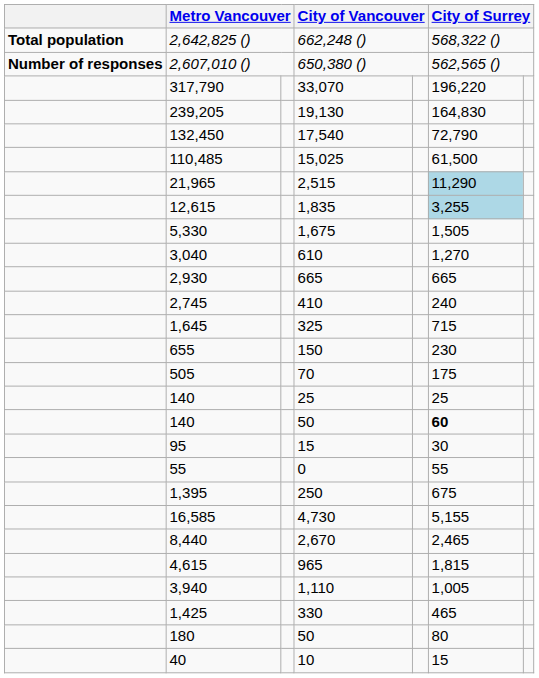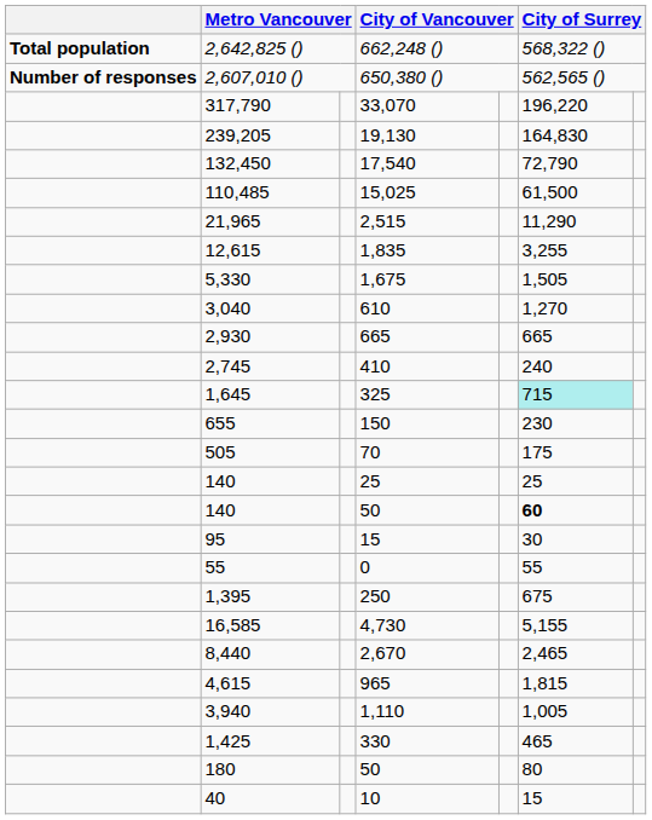 <table class="wikitable">
 <tr>
 <th></th>
 <th colspan="2"><a href='#'>Metro Vancouver</a></th>
 <th colspan="2"><a href='#'>City of Vancouver</a></th>
 <th colspan="2"><a href='#'>City of Surrey</a></th>
 </tr>
 <tr>
 <td><strong> Total population</strong></td>
 <td colspan="2"><em>2,642,825 ()</em></td>
 <td colspan="2"><em>662,248 ()</em></td>
 <td colspan="2"><em>568,322 ()</em></td>
 </tr>
 <tr>
 <td><strong> Number of responses </strong></td>
 <td colspan="2"><em>2,607,010 ()</em></td>
 <td colspan="2"><em>650,380 ()</em></td>
 <td colspan="2"><em>562,565 ()</em></td>
 </tr>
 <tr>
 <td><br></td>
 <td>317,790</td>
 <td></td>
 <td>33,070</td>
 <td></td>
 <td>196,220</td>
 <td></td>
 </tr>
 <tr>
 <td><br></td>
 <td>239,205</td>
 <td></td>
 <td>19,130</td>
 <td></td>
 <td>164,830</td>
 <td></td>
 </tr>
 <tr>
 <td><br></td>
 <td>132,450</td>
 <td></td>
 <td>17,540</td>
 <td></td>
 <td>72,790</td>
 <td></td>
 </tr>
 <tr>
 <td><br></td>
 <td>110,485</td>
 <td></td>
 <td>15,025</td>
 <td></td>
 <td>61,500</td>
 <td></td>
 </tr>
 <tr>
 <td><br></td>
 <td>21,965</td>
 <td></td>
 <td>2,515</td>
 <td></td>
-<td style="background: lightblue;">11,290</td>
+<td>11,290</td>
 <td></td>
 </tr>
 <tr>
 <td><br></td>
 <td>12,615</td>
 <td></td>
 <td>1,835</td>
 <td></td>
-<td style="background: lightblue;">3,255</td>
+<td>3,255</td>
 <td></td>
 </tr>
 <tr>
 <td><br></td>
 <td>5,330</td>
 <td></td>
 <td>1,675</td>
 <td></td>
 <td>1,505</td>
 <td></td>
 </tr>
 <tr>
 <td><br></td>
 <td>3,040</td>
 <td></td>
 <td>610</td>
 <td></td>
 <td>1,270</td>
 <td></td>
 </tr>
 <tr>
 <td><br></td>
 <td>2,930</td>
 <td></td>
 <td>665</td>
 <td></td>
 <td>665</td>
 <td></td>
 </tr>
 <tr>
 <td><br></td>
 <td>2,745</td>
 <td></td>
 <td>410</td>
 <td></td>
 <td>240</td>
 <td></td>
 </tr>
 <tr>
 <td><br></td>
 <td>1,645</td>
 <td></td>
 <td>325</td>
 <td></td>
-<td>715</td>
+<td style="background: paleturquoise;">715</td>
 <td></td>
 </tr>
 <tr>
 <td><br></td>
 <td>655</td>
 <td></td>
 <td>150</td>
 <td></td>
 <td>230</td>
 <td></td>
 </tr>
 <tr>
 <td><br></td>
 <td>505</td>
 <td></td>
 <td>70</td>
 <td></td>
 <td>175</td>
 <td></td>
 </tr>
 <tr>
 <td><br></td>
 <td>140</td>
 <td></td>
 <td>25</td>
 <td></td>
 <td>25</td>
 <td></td>
 </tr>
 <tr>
 <td><br></td>
 <td>140</td>
 <td></td>
 <td>50</td>
 <td></td>
 <td><strong>60</strong></td>
 <td></td>
 </tr>
 <tr>
 <td><br></td>
 <td>95</td>
 <td></td>
 <td>15</td>
 <td></td>
 <td>30</td>
 <td></td>
 </tr>
 <tr>
 <td><br></td>
 <td>55</td>
 <td></td>
 <td>0</td>
 <td></td>
 <td>55</td>
 <td></td>
 </tr>
 <tr>
 <td><br></td>
 <td>1,395</td>
 <td></td>
 <td>250</td>
 <td></td>
 <td>675</td>
 <td></td>
 </tr>
 <tr>
 <td><br></td>
 <td>16,585</td>
 <td></td>
 <td>4,730</td>
 <td></td>
 <td>5,155</td>
 <td></td>
 </tr>
 <tr>
 <td><br></td>
 <td>8,440</td>
 <td></td>
 <td>2,670</td>
 <td></td>
 <td>2,465</td>
 <td></td>
 </tr>
 <tr>
 <td><br></td>
 <td>4,615</td>
 <td></td>
 <td>965</td>
 <td></td>
 <td>1,815</td>
 <td></td>
 </tr>
 <tr>
 <td><br></td>
 <td>3,940</td>
 <td></td>
 <td>1,110</td>
 <td></td>
 <td>1,005</td>
 <td></td>
 </tr>
 <tr>
 <td><br></td>
 <td>1,425</td>
 <td></td>
 <td>330</td>
 <td></td>
 <td>465</td>
 <td></td>
 </tr>
 <tr>
 <td><br></td>
 <td>180</td>
 <td></td>
 <td>50</td>
 <td></td>
 <td>80</td>
 <td></td>
 </tr>
 <tr>
 <td><br></td>
 <td>40</td>
 <td></td>
 <td>10</td>
 <td></td>
 <td>15</td>
 <td></td>
 </tr>
 </table>
